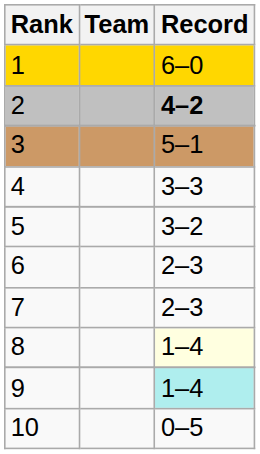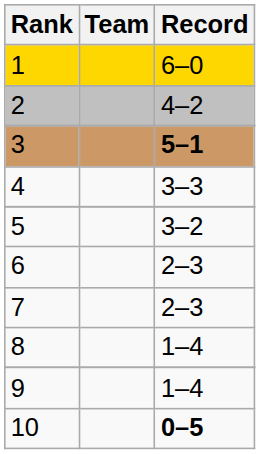 <table class="wikitable">
 <tr>
 <th>Rank</th>
 <th>Team</th>
 <th>Record</th>
 </tr>
 <tr bgcolor=gold>
 <td>1</td>
 <td></td>
 <td>6–0</td>
 </tr>
 <tr bgcolor=silver>
 <td>2</td>
 <td></td>
-<td><strong>4–2</strong></td>
+<td>4–2</td>
 </tr>
 <tr>
 </tr>
 <tr bgcolor=cc9966>
 <td>3</td>
 <td></td>
-<td>5–1</td>
+<td><strong>5–1</strong></td>
 </tr>
 <tr>
 <td>4</td>
 <td></td>
 <td>3–3</td>
 </tr>
 <tr>
 </tr>
 <tr>
 <td>5</td>
 <td></td>
 <td>3–2</td>
 </tr>
 <tr>
 <td>6</td>
 <td></td>
 <td>2–3</td>
 </tr>
 <tr>
 <td>7</td>
 <td></td>
 <td>2–3</td>
 </tr>
 <tr>
 <td>8</td>
 <td></td>
-<td style="background: lightyellow;">1–4</td>
+<td>1–4</td>
 </tr>
 <tr>
 </tr>
 <tr>
 <td>9</td>
 <td></td>
-<td style="background: paleturquoise;">1–4</td>
+<td>1–4</td>
 </tr>
 <tr>
 <td>10</td>
 <td></td>
-<td>0–5</td>
+<td><strong>0–5</strong></td>
 </tr>
 </table>
